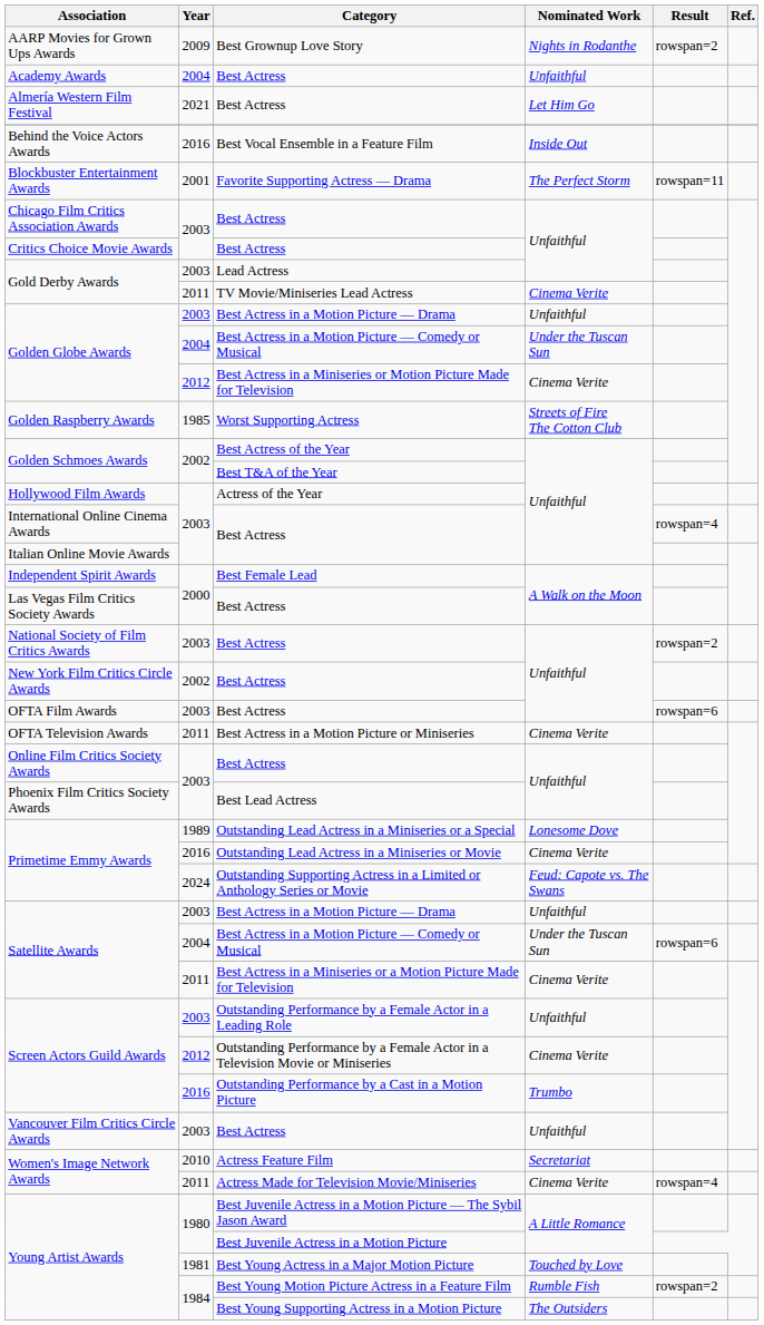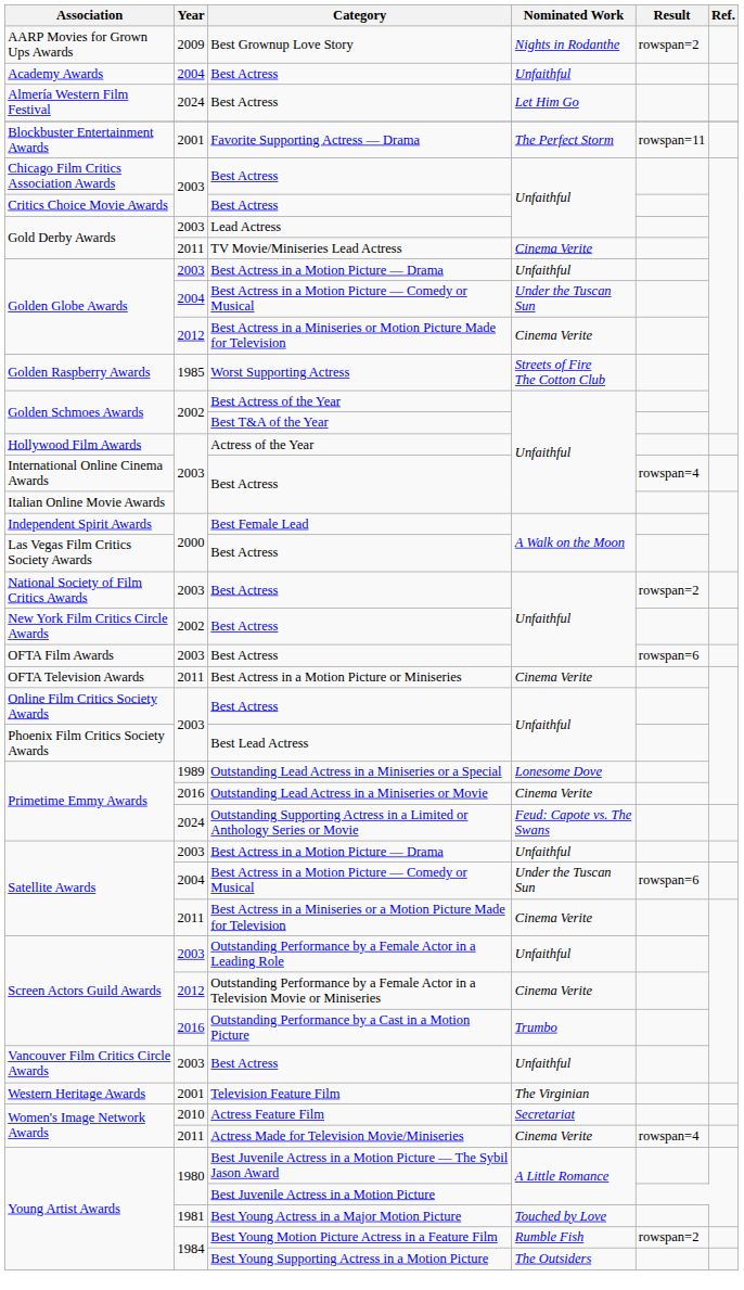 <table class="wikitable">
 <tr>
 <th>Association</th>
 <th>Year</th>
 <th>Category</th>
 <th>Nominated Work</th>
 <th>Result</th>
 <th>Ref.</th>
 </tr>
 <tr>
 <td>AARP Movies for Grown Ups Awards</td>
 <td>2009</td>
 <td>Best Grownup Love Story </td>
 <td><em><a href='#'>Nights in Rodanthe</a></em></td>
 <td>rowspan=2 </td>
 <td></td>
 </tr>
 <tr>
 <td><a href='#'>Academy Awards</a></td>
 <td><a href='#'>2004</a></td>
 <td><a href='#'>Best Actress</a></td>
 <td><em><a href='#'>Unfaithful</a></em></td>
 <td></td>
 </tr>
 <tr>
 <td><a href='#'>Almería Western Film Festival</a></td>
-<td>2021</td>
+<td>2024</td>
 <td>Best Actress</td>
 <td><em><a href='#'>Let Him Go</a></em></td>
 <td></td>
 <td></td>
 </tr>
 <tr>
-</tr>
-<tr>
-<td>Behind the Voice Actors Awards</td>
-<td>2016</td>
-<td>Best Vocal Ensemble in a Feature Film</td>
-<td><em><a href='#'>Inside Out</a></em></td>
-<td></td>
-<td></td>
 </tr>
 <tr>
 <td><a href='#'>Blockbuster Entertainment Awards</a></td>
 <td>2001</td>
 <td><a href='#'>Favorite Supporting Actress — Drama</a></td>
 <td><em><a href='#'>The Perfect Storm</a></em></td>
 <td>rowspan=11 </td>
 <td></td>
 </tr>
 <tr>
 <td><a href='#'>Chicago Film Critics Association Awards</a></td>
 <td rowspan=2>2003</td>
 <td><a href='#'>Best Actress</a></td>
 <td rowspan=3><em>Unfaithful</em></td>
 <td></td>
 </tr>
 <tr>
 <td><a href='#'>Critics Choice Movie Awards</a></td>
 <td><a href='#'>Best Actress</a></td>
 <td></td>
 </tr>
 <tr>
 <td rowspan=2>Gold Derby Awards</td>
 <td>2003</td>
 <td>Lead Actress</td>
 <td></td>
 </tr>
 <tr>
 <td>2011</td>
 <td>TV Movie/Miniseries Lead Actress</td>
 <td><em><a href='#'>Cinema Verite</a></em></td>
 <td></td>
 </tr>
 <tr>
 <td rowspan=3><a href='#'>Golden Globe Awards</a></td>
 <td><a href='#'>2003</a></td>
 <td><a href='#'>Best Actress in a Motion Picture — Drama</a></td>
 <td><em>Unfaithful</em></td>
 <td></td>
 </tr>
 <tr>
 <td><a href='#'>2004</a></td>
 <td><a href='#'>Best Actress in a Motion Picture — Comedy or Musical</a></td>
 <td><em><a href='#'>Under the Tuscan Sun</a></em></td>
 <td></td>
 </tr>
 <tr>
 <td><a href='#'>2012</a></td>
 <td><a href='#'>Best Actress in a Miniseries or Motion Picture Made for Television</a></td>
 <td><em>Cinema Verite</em></td>
 <td></td>
 </tr>
 <tr>
 <td><a href='#'>Golden Raspberry Awards</a></td>
 <td>1985</td>
 <td><a href='#'>Worst Supporting Actress</a></td>
 <td><em><a href='#'>Streets of Fire</a></em><br><em><a href='#'>The Cotton Club</a></em></td>
 <td></td>
 </tr>
 <tr>
 <td rowspan=2><a href='#'>Golden Schmoes Awards</a></td>
 <td rowspan=2>2002</td>
 <td><a href='#'>Best Actress of the Year</a></td>
 <td rowspan=5><em>Unfaithful</em></td>
 <td></td>
 </tr>
 <tr>
 <td><a href='#'>Best T&A of the Year</a></td>
 <td></td>
 </tr>
 <tr>
 <td><a href='#'>Hollywood Film Awards</a></td>
 <td rowspan=3>2003</td>
 <td>Actress of the Year</td>
 <td></td>
 <td></td>
 </tr>
 <tr>
 <td>International Online Cinema Awards</td>
 <td rowspan=2>Best Actress</td>
 <td>rowspan=4 </td>
 <td></td>
 </tr>
 <tr>
 <td>Italian Online Movie Awards</td>
 <td></td>
 </tr>
 <tr>
 <td><a href='#'>Independent Spirit Awards</a></td>
 <td rowspan=2>2000</td>
 <td><a href='#'>Best Female Lead</a></td>
 <td rowspan=2><em><a href='#'>A Walk on the Moon</a></em></td>
 <td></td>
 </tr>
 <tr>
 <td>Las Vegas Film Critics Society Awards</td>
 <td>Best Actress</td>
 <td></td>
 </tr>
 <tr>
 <td><a href='#'>National Society of Film Critics Awards</a></td>
 <td>2003</td>
 <td><a href='#'>Best Actress</a></td>
 <td rowspan=3><em>Unfaithful</em></td>
 <td>rowspan=2 </td>
 <td></td>
 </tr>
 <tr>
 <td><a href='#'>New York Film Critics Circle Awards</a></td>
 <td>2002</td>
 <td><a href='#'>Best Actress</a></td>
 <td></td>
 </tr>
 <tr>
 <td>OFTA Film Awards</td>
 <td>2003</td>
 <td>Best Actress</td>
 <td>rowspan=6 </td>
 <td></td>
 </tr>
 <tr>
 <td>OFTA Television Awards</td>
 <td>2011</td>
 <td>Best Actress in a Motion Picture or Miniseries</td>
 <td><em>Cinema Verite</em></td>
 <td></td>
 </tr>
 <tr>
 <td><a href='#'>Online Film Critics Society Awards</a></td>
 <td rowspan=2>2003</td>
 <td><a href='#'>Best Actress</a></td>
 <td rowspan=2><em>Unfaithful</em></td>
 <td></td>
 </tr>
 <tr>
 <td>Phoenix Film Critics Society Awards</td>
 <td>Best Lead Actress</td>
 <td></td>
 </tr>
 <tr>
 <td rowspan=3><a href='#'>Primetime Emmy Awards</a></td>
 <td>1989</td>
 <td><a href='#'>Outstanding Lead Actress in a Miniseries or a Special</a></td>
 <td><em><a href='#'>Lonesome Dove</a></em></td>
 <td></td>
 </tr>
 <tr>
 <td>2016</td>
 <td><a href='#'>Outstanding Lead Actress in a Miniseries or Movie</a></td>
 <td><em>Cinema Verite</em></td>
 <td></td>
 </tr>
 <tr>
 <td>2024</td>
 <td><a href='#'>Outstanding Supporting Actress in a Limited or Anthology Series or Movie</a></td>
 <td><em><a href='#'>Feud: Capote vs. The Swans</a></em></td>
 <td></td>
 <td></td>
 </tr>
 <tr>
 <td rowspan=3><a href='#'>Satellite Awards</a></td>
 <td>2003</td>
 <td><a href='#'>Best Actress in a Motion Picture — Drama</a></td>
 <td><em>Unfaithful</em></td>
 <td></td>
 <td></td>
 </tr>
 <tr>
 <td>2004</td>
 <td><a href='#'>Best Actress in a Motion Picture — Comedy or Musical</a></td>
 <td><em>Under the Tuscan Sun</em></td>
 <td>rowspan=6 </td>
 <td></td>
 </tr>
 <tr>
 <td>2011</td>
 <td><a href='#'>Best Actress in a Miniseries or a Motion Picture Made for Television</a></td>
 <td><em>Cinema Verite</em></td>
 <td></td>
 </tr>
 <tr>
 <td rowspan=3><a href='#'>Screen Actors Guild Awards</a></td>
 <td><a href='#'>2003</a></td>
 <td><a href='#'>Outstanding Performance by a Female Actor in a Leading Role</a></td>
 <td><em>Unfaithful</em></td>
 <td></td>
 </tr>
 <tr>
 <td><a href='#'>2012</a></td>
 <td>Outstanding Performance by a Female Actor in a Television Movie or Miniseries</td>
 <td><em>Cinema Verite</em></td>
 <td></td>
 </tr>
 <tr>
 <td><a href='#'>2016</a></td>
 <td><a href='#'>Outstanding Performance by a Cast in a Motion Picture</a></td>
 <td><em><a href='#'>Trumbo</a></em></td>
 <td></td>
 </tr>
 <tr>
 <td><a href='#'>Vancouver Film Critics Circle Awards</a></td>
 <td>2003</td>
 <td><a href='#'>Best Actress</a></td>
 <td><em>Unfaithful</em></td>
 <td></td>
 </tr>
 <tr>
+<td><a href='#'>Western Heritage Awards</a></td>
+<td>2001</td>
+<td><a href='#'>Television Feature Film</a> </td>
+<td><em>The Virginian</em></td>
+<td></td>
+<td></td>
+</tr>
+<tr>
 <td rowspan=2><a href='#'>Women's Image Network Awards</a></td>
 <td>2010</td>
 <td><a href='#'>Actress Feature Film</a></td>
 <td><em><a href='#'>Secretariat</a></em></td>
 <td></td>
 <td></td>
 </tr>
 <tr>
 <td>2011</td>
 <td><a href='#'>Actress Made for Television Movie/Miniseries</a></td>
 <td><em>Cinema Verite</em></td>
 <td>rowspan=4 </td>
 <td></td>
 </tr>
 <tr>
 <td rowspan=5><a href='#'>Young Artist Awards</a></td>
 <td rowspan=2>1980</td>
 <td><a href='#'>Best Juvenile Actress in a Motion Picture — The Sybil Jason Award</a></td>
 <td rowspan=2><em><a href='#'>A Little Romance</a></em></td>
 <td></td>
 </tr>
 <tr>
 <td><a href='#'>Best Juvenile Actress in a Motion Picture</a></td>
 </tr>
 <tr>
 <td>1981</td>
 <td><a href='#'>Best Young Actress in a Major Motion Picture</a></td>
 <td><em><a href='#'>Touched by Love</a></em></td>
 <td></td>
 </tr>
 <tr>
 <td rowspan=2>1984</td>
 <td><a href='#'>Best Young Motion Picture Actress in a Feature Film</a></td>
 <td><em><a href='#'>Rumble Fish</a></em></td>
 <td>rowspan=2 </td>
 <td></td>
 </tr>
 <tr>
 <td><a href='#'>Best Young Supporting Actress in a Motion Picture</a></td>
 <td><em><a href='#'>The Outsiders</a></em></td>
 <td></td>
 </tr>
 </table>
